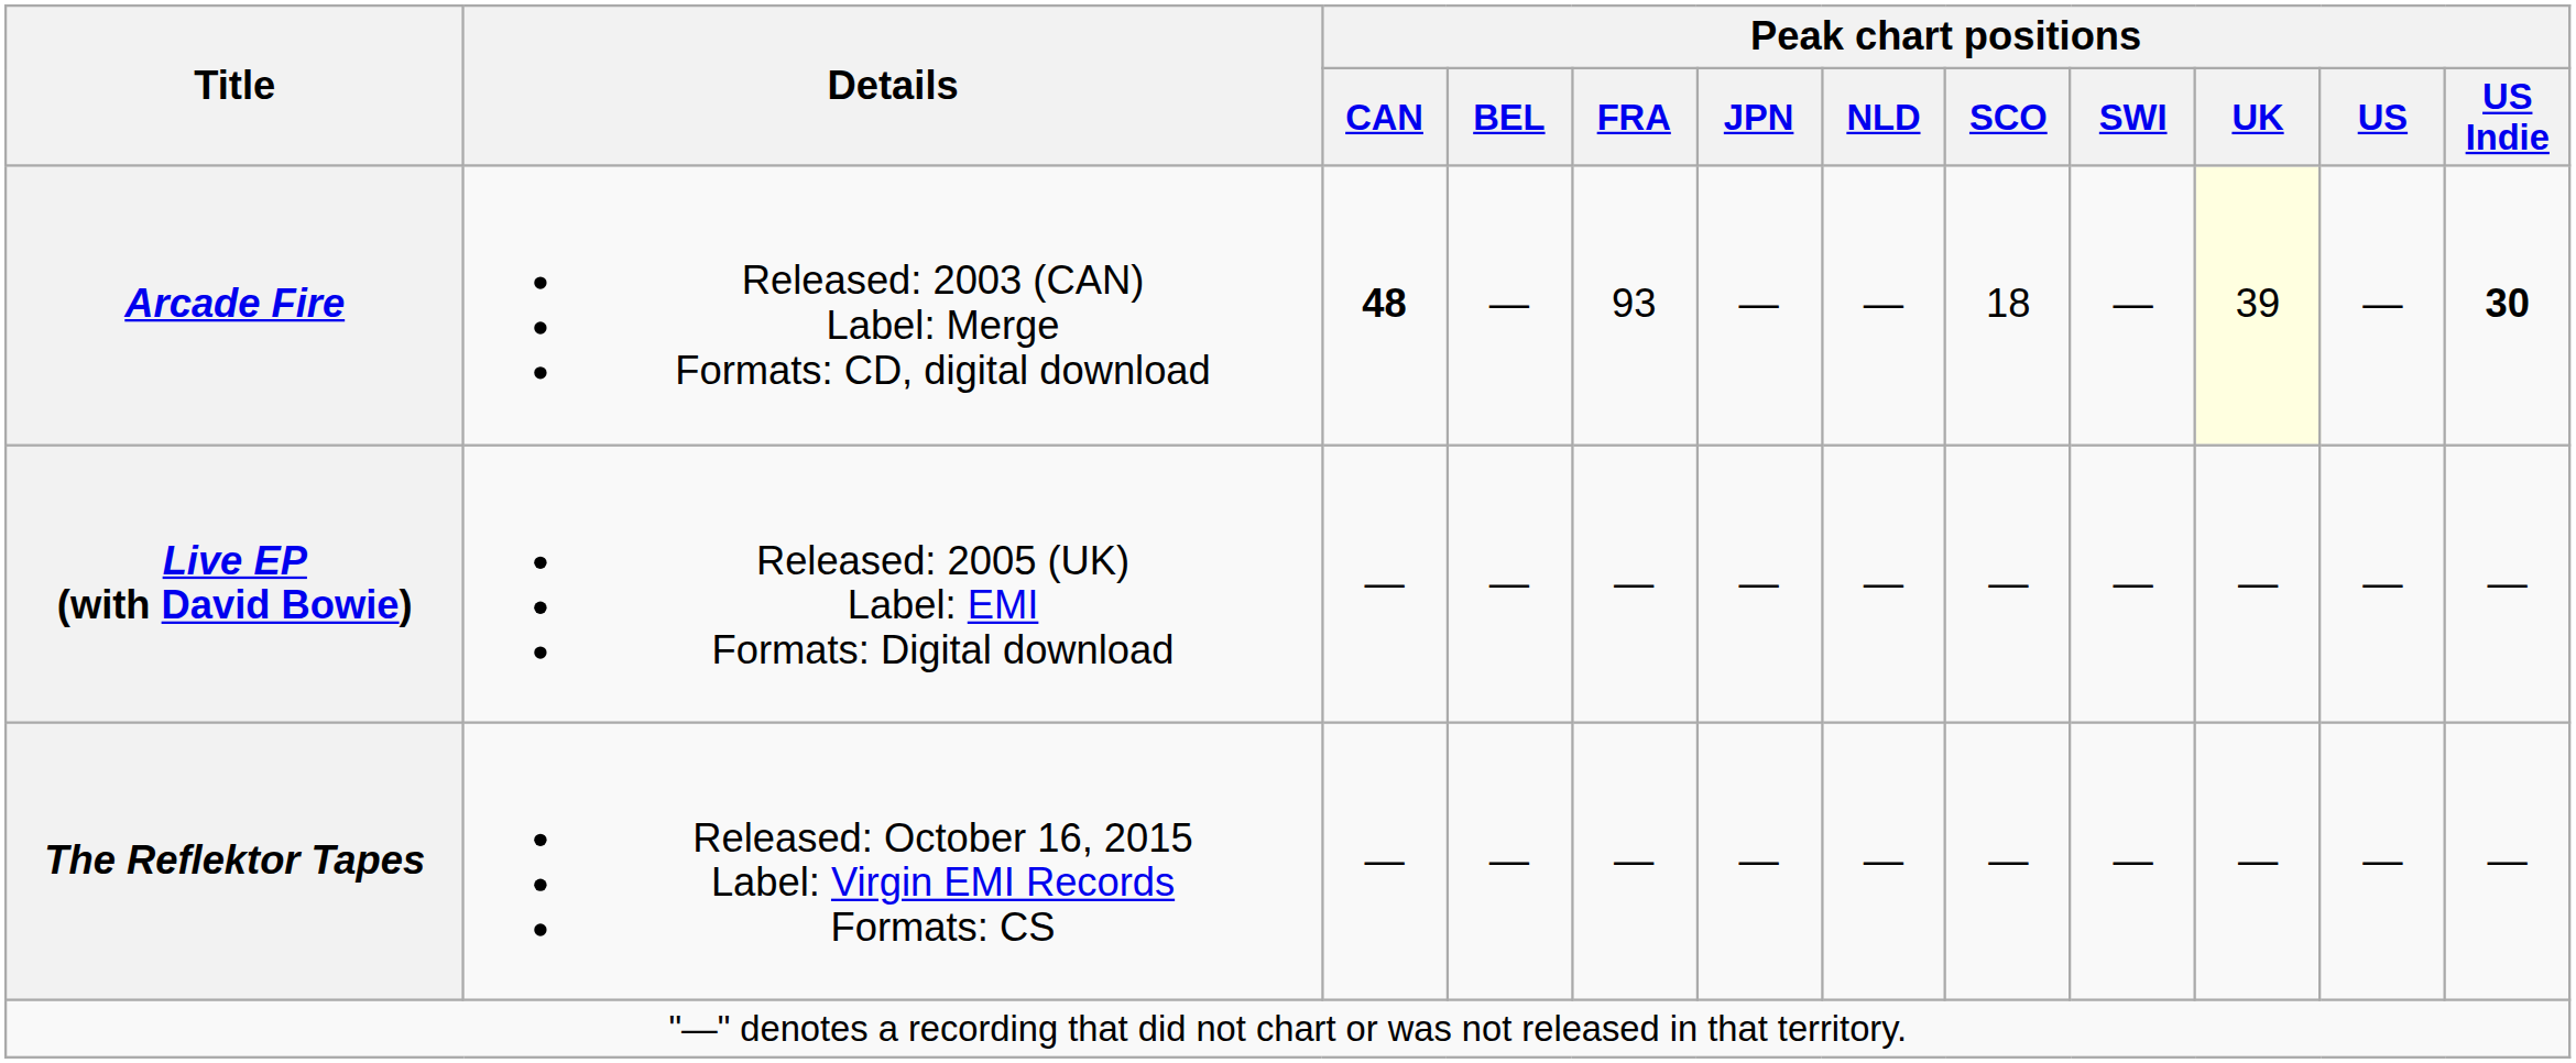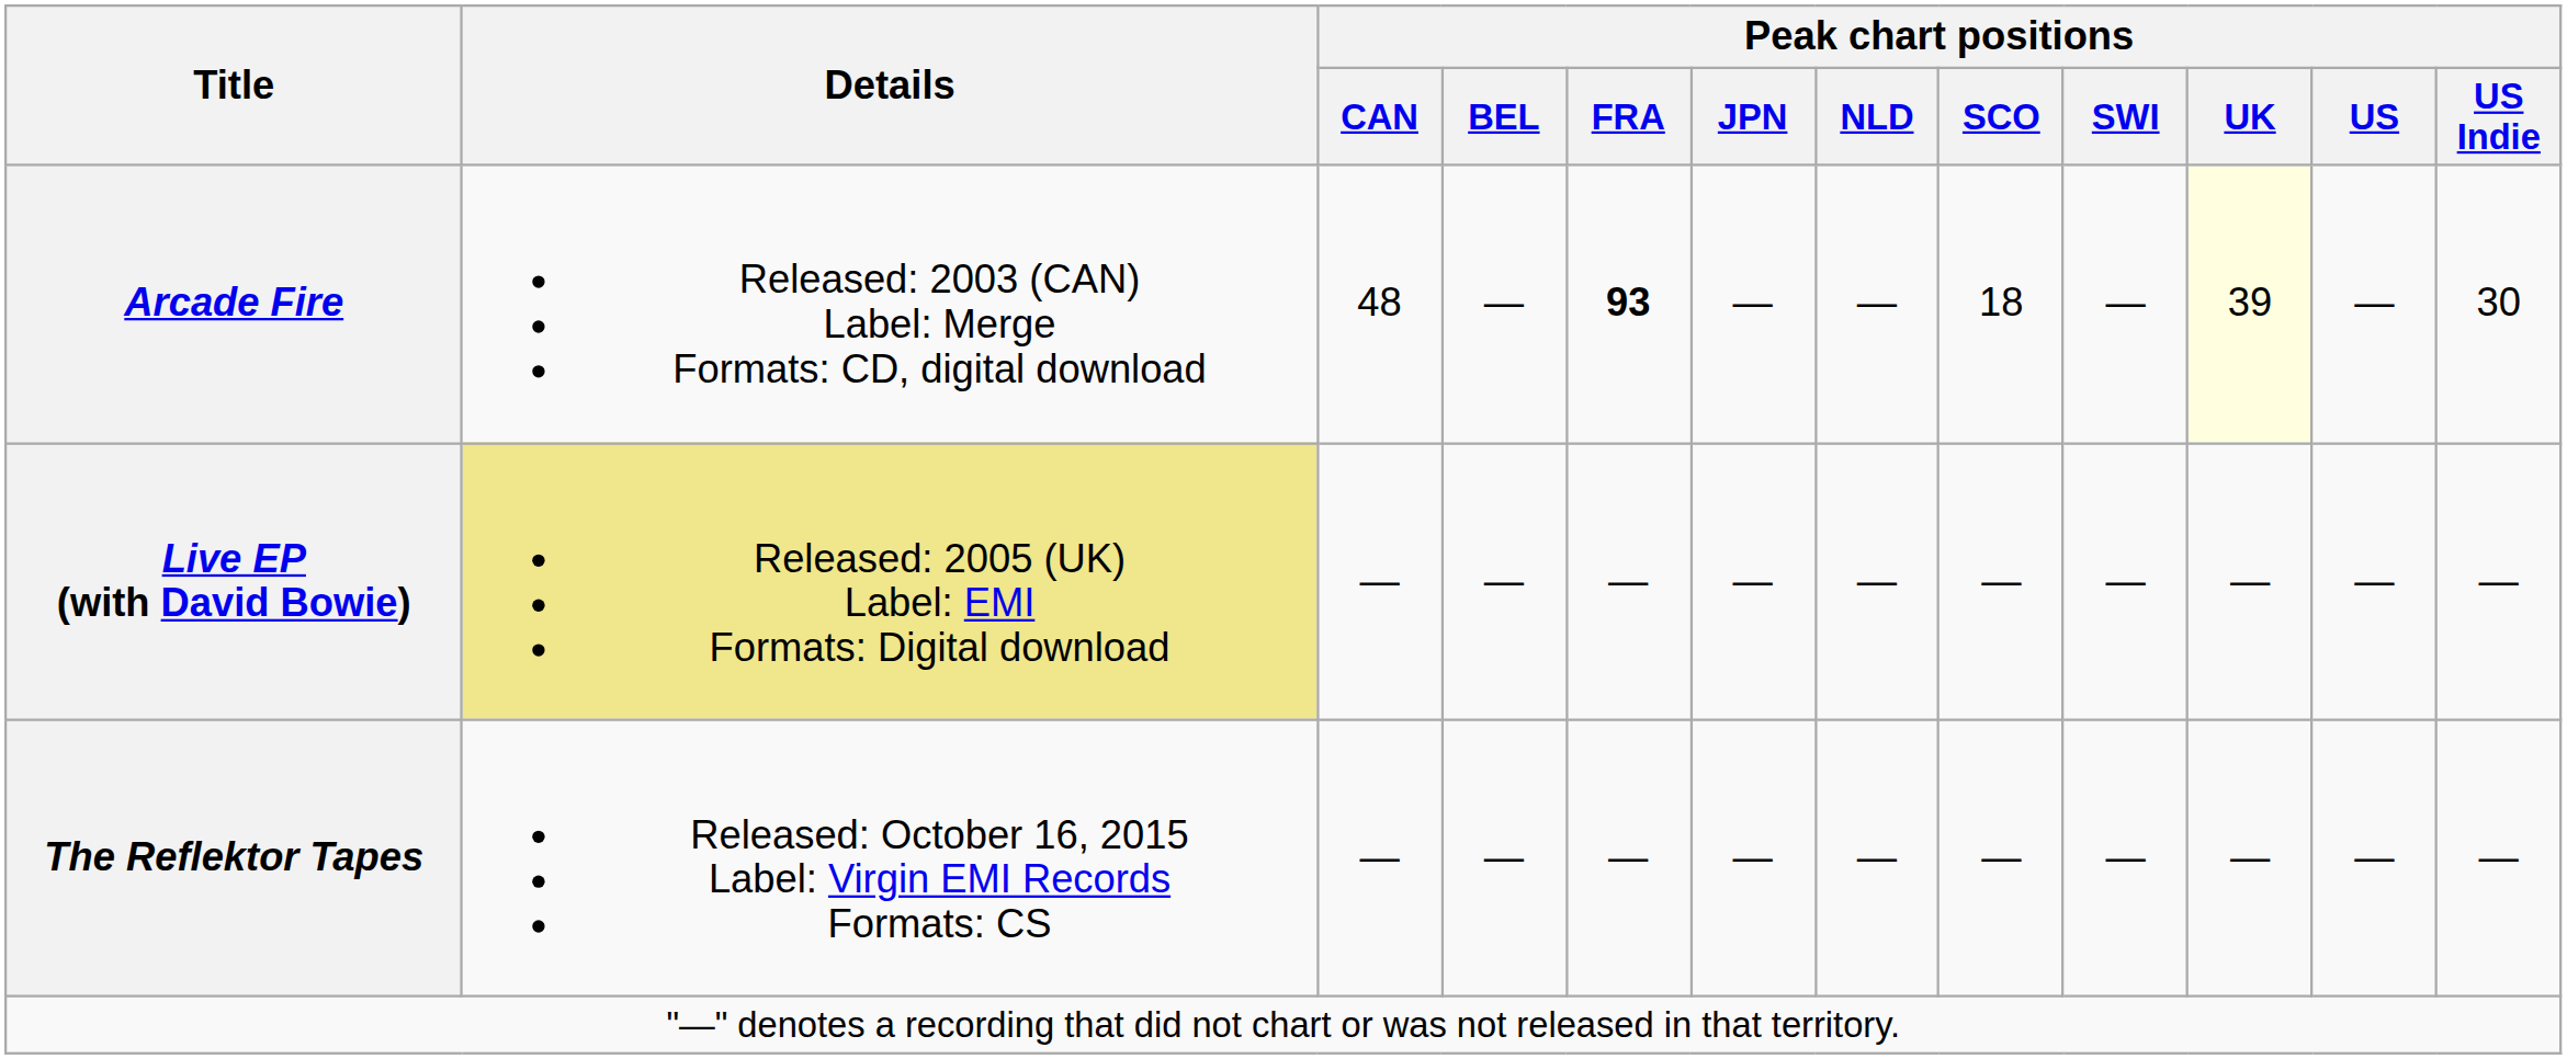 <table class="wikitable plainrowheaders" style="text-align:center;">
 <tr>
 <th scope="col" rowspan="2" style="width:11em;">Title</th>
 <th scope="col" rowspan="2" style="width:21em;">Details</th>
 <th scope="col" colspan="10">Peak chart positions</th>
 </tr>
 <tr>
 <th scope="col" style="width:3em;font-size:90%;"><a href='#'>CAN</a><br></th>
 <th scope="col" style="width:3em;font-size:90%;"><a href='#'>BEL</a><br></th>
 <th scope="col" style="width:3em;font-size:90%;"><a href='#'>FRA</a><br></th>
 <th scope="col" style="width:3em;font-size:90%;"><a href='#'>JPN</a><br></th>
 <th scope="col" style="width:3em;font-size:90%;"><a href='#'>NLD</a><br></th>
 <th scope="col" style="width:3em;font-size:90%;"><a href='#'>SCO</a><br></th>
 <th scope="col" style="width:3em;font-size:90%;"><a href='#'>SWI</a><br></th>
 <th scope="col" style="width:3em;font-size:90%;"><a href='#'>UK</a><br></th>
 <th scope="col" style="width:3em;font-size:90%;"><a href='#'>US</a><br></th>
 <th scope="col" style="width:3em;font-size:90%;"><a href='#'>US<br>Indie</a><br></th>
 </tr>
 <tr>
 <th scope="row"><em><a href='#'>Arcade Fire</a></em></th>
 <td><br><ul><li>Released: 2003 <span>(CAN)</span></li><li>Label: Merge</li><li>Formats: CD, digital download</li></ul></td>
-<td><strong>48</strong></td>
+<td>48</td>
 <td>—</td>
-<td>93</td>
+<td><strong>93</strong></td>
 <td>—</td>
 <td>—</td>
 <td>18</td>
 <td>—</td>
 <td style="background: lightyellow;">39</td>
 <td>—</td>
-<td><strong>30</strong></td>
+<td>30</td>
 </tr>
 <tr>
 <th scope="row"><em><a href='#'>Live EP</a></em><br><span>(with <a href='#'>David Bowie</a>)</span></th>
-<td><br><ul><li>Released: 2005 <span>(UK)</span></li><li>Label: <a href='#'>EMI</a></li><li>Formats: Digital download</li></ul></td>
+<td style="background: khaki;"><br><ul><li>Released: 2005 <span>(UK)</span></li><li>Label: <a href='#'>EMI</a></li><li>Formats: Digital download</li></ul></td>
 <td>—</td>
 <td>—</td>
 <td>—</td>
 <td>—</td>
 <td>—</td>
 <td>—</td>
 <td>—</td>
 <td>—</td>
 <td>—</td>
 <td>—</td>
 </tr>
 <tr>
 <th scope="row"><em>The Reflektor Tapes</em></th>
 <td><br><ul><li>Released: October 16, 2015</li><li>Label: <a href='#'>Virgin EMI Records</a></li><li>Formats: CS</li></ul></td>
 <td>—</td>
 <td>—</td>
 <td>—</td>
 <td>—</td>
 <td>—</td>
 <td>—</td>
 <td>—</td>
 <td>—</td>
 <td>—</td>
 <td>—</td>
 </tr>
 <tr>
 <td colspan="13" style="font-size:90%">"—" denotes a recording that did not chart or was not released in that territory.</td>
 </tr>
 </table>
